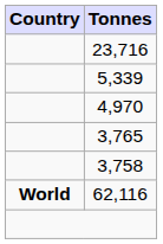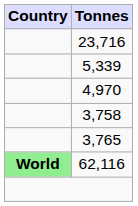 <table class="wikitable floatright"  style="text-align:center;">
 <tr>
 <th style="background:#ddf;">Country</th>
 <th style="background:#ddf;">Tonnes</th>
 </tr>
 <tr>
 <td></td>
 <td>23,716</td>
 </tr>
 <tr>
 <td></td>
 <td>5,339</td>
 </tr>
 <tr>
 <td></td>
 <td>4,970</td>
 </tr>
 <tr>
 <td></td>
+<td>3,758</td>
+</tr>
+<tr>
+<td></td>
 <td>3,765</td>
 </tr>
 <tr>
-<td></td>
-<td>3,758</td>
-</tr>
-<tr>
-<td><strong>World</strong></td>
+<td style="background: lightgreen;"><strong>World</strong></td>
 <td>62,116</td>
 </tr>
 <tr>
 <td colspan=2><br></td>
 </tr>
 </table>
